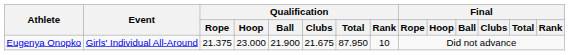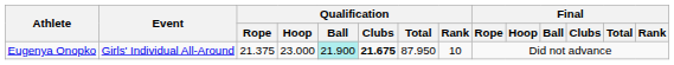 <table class="wikitable" border="1" style="font-size:90%">
 <tr>
 <th rowspan=2>Athlete</th>
 <th rowspan=2>Event</th>
 <th colspan=6>Qualification</th>
 <th colspan=6>Final</th>
 </tr>
 <tr>
 <th>Rope</th>
 <th>Hoop</th>
 <th>Ball</th>
 <th>Clubs</th>
 <th>Total</th>
 <th>Rank</th>
 <th>Rope</th>
 <th>Hoop</th>
 <th>Ball</th>
 <th>Clubs</th>
 <th>Total</th>
 <th>Rank</th>
 </tr>
 <tr>
 <td><a href='#'>Eugenya Onopko</a></td>
 <td><a href='#'>Girls' Individual All-Around</a></td>
 <td align=center>21.375</td>
 <td align=center>23.000</td>
-<td align=center>21.900</td>
-<td align=center>21.675</td>
+<td align=center style="background: paleturquoise;">21.900</td>
+<td align=center><strong>21.675</strong></td>
 <td align=center>87.950</td>
 <td align=center>10</td>
 <td align=center colspan=6>Did not advance</td>
 </tr>
 </table>
